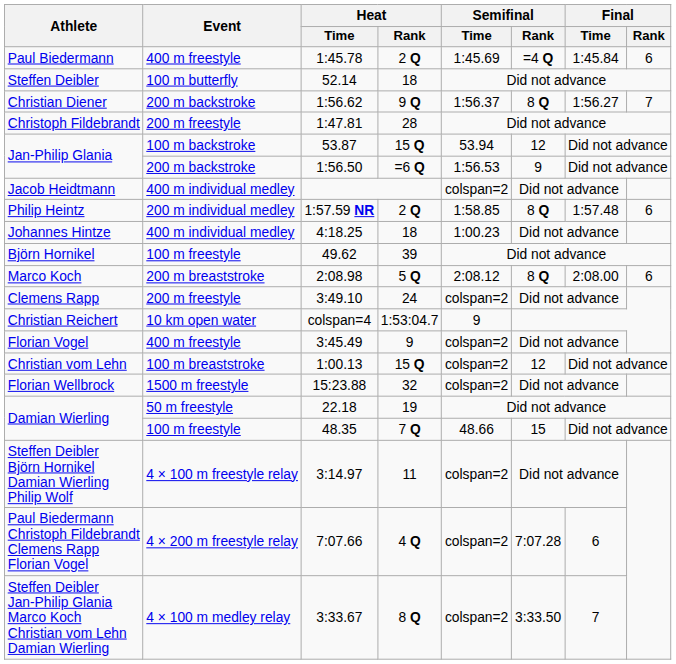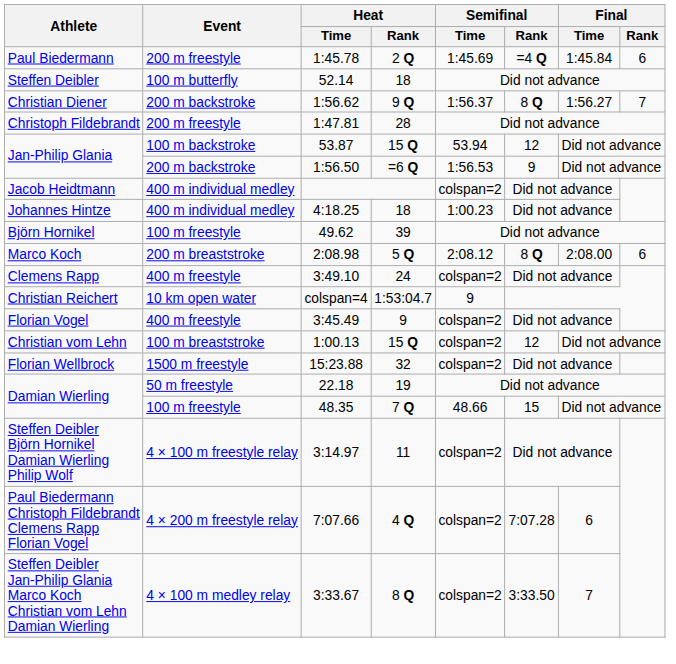 <table class=wikitable style="font-size:90%">
 <tr>
 <th rowspan="2">Athlete</th>
 <th rowspan="2">Event</th>
 <th colspan="2">Heat</th>
 <th colspan="2">Semifinal</th>
 <th colspan="2">Final</th>
 </tr>
 <tr style="font-size:95%">
 <th>Time</th>
 <th>Rank</th>
 <th>Time</th>
 <th>Rank</th>
 <th>Time</th>
 <th>Rank</th>
 </tr>
 <tr align=center>
 <td align=left><a href='#'>Paul Biedermann</a></td>
-<td align=left><a href='#'>400 m freestyle</a></td>
+<td align=left><a href='#'>200 m freestyle</a></td>
 <td>1:45.78</td>
 <td>2 <strong>Q</strong></td>
 <td>1:45.69</td>
 <td>=4 <strong>Q</strong></td>
 <td>1:45.84</td>
 <td>6</td>
 </tr>
 <tr align=center>
 <td align=left><a href='#'>Steffen Deibler</a></td>
 <td align=left><a href='#'>100 m butterfly</a></td>
 <td>52.14</td>
 <td>18</td>
 <td colspan=4>Did not advance</td>
 </tr>
 <tr align=center>
 <td align=left><a href='#'>Christian Diener</a></td>
 <td align=left><a href='#'>200 m backstroke</a></td>
 <td>1:56.62</td>
 <td>9 <strong>Q</strong></td>
 <td>1:56.37</td>
 <td>8 <strong>Q</strong></td>
 <td>1:56.27</td>
 <td>7</td>
 </tr>
 <tr align=center>
 <td align=left><a href='#'>Christoph Fildebrandt</a></td>
 <td align=left><a href='#'>200 m freestyle</a></td>
 <td>1:47.81</td>
 <td>28</td>
 <td colspan=4>Did not advance</td>
 </tr>
 <tr align=center>
 <td align=left rowspan=2><a href='#'>Jan-Philip Glania</a></td>
 <td align=left><a href='#'>100 m backstroke</a></td>
 <td>53.87</td>
 <td>15 <strong>Q</strong></td>
 <td>53.94</td>
 <td>12</td>
 <td colspan=2>Did not advance</td>
 </tr>
 <tr align=center>
 <td align=left><a href='#'>200 m backstroke</a></td>
 <td>1:56.50</td>
 <td>=6 <strong>Q</strong></td>
 <td>1:56.53</td>
 <td>9</td>
 <td colspan=2>Did not advance</td>
 </tr>
 <tr align=center>
 <td align=left><a href='#'>Jacob Heidtmann</a></td>
 <td align=left><a href='#'>400 m individual medley</a></td>
 <td colspan=2></td>
 <td>colspan=2 </td>
 <td colspan=2>Did not advance</td>
 </tr>
 <tr align=center>
-<td align=left><a href='#'>Philip Heintz</a></td>
-<td align=left><a href='#'>200 m individual medley</a></td>
-<td>1:57.59 <strong><a href='#'>NR</a></strong></td>
-<td>2 <strong>Q</strong></td>
-<td>1:58.85</td>
-<td>8 <strong>Q</strong></td>
-<td>1:57.48</td>
-<td>6</td>
-</tr>
-<tr align=center>
 <td align=left><a href='#'>Johannes Hintze</a></td>
 <td align=left><a href='#'>400 m individual medley</a></td>
 <td>4:18.25</td>
 <td>18</td>
 <td>1:00.23</td>
 <td colspan=2>Did not advance</td>
 </tr>
 <tr align=center>
 <td align=left><a href='#'>Björn Hornikel</a></td>
 <td align=left><a href='#'>100 m freestyle</a></td>
 <td>49.62</td>
 <td>39</td>
 <td colspan=4>Did not advance</td>
 </tr>
 <tr align=center>
 <td align=left><a href='#'>Marco Koch</a></td>
 <td align=left><a href='#'>200 m breaststroke</a></td>
 <td>2:08.98</td>
 <td>5 <strong>Q</strong></td>
 <td>2:08.12</td>
 <td>8 <strong>Q</strong></td>
 <td>2:08.00</td>
 <td>6</td>
 </tr>
 <tr align=center>
 <td align=left><a href='#'>Clemens Rapp</a></td>
-<td align=left><a href='#'>200 m freestyle</a></td>
+<td align=left><a href='#'>400 m freestyle</a></td>
 <td>3:49.10</td>
 <td>24</td>
 <td>colspan=2 </td>
 <td colspan=2>Did not advance</td>
 </tr>
 <tr align=center>
 <td align=left><a href='#'>Christian Reichert</a></td>
 <td align=left><a href='#'>10 km open water</a></td>
 <td>colspan=4 </td>
 <td>1:53:04.7</td>
 <td>9</td>
 </tr>
 <tr align=center>
 <td align=left><a href='#'>Florian Vogel</a></td>
 <td align=left><a href='#'>400 m freestyle</a></td>
 <td>3:45.49</td>
 <td>9</td>
 <td>colspan=2 </td>
 <td colspan=2>Did not advance</td>
 </tr>
 <tr align=center>
 <td align=left><a href='#'>Christian vom Lehn</a></td>
 <td align=left><a href='#'>100 m breaststroke</a></td>
 <td>1:00.13</td>
 <td>15 <strong>Q</strong></td>
 <td>colspan=2 </td>
 <td>12</td>
 <td colspan=2>Did not advance</td>
 </tr>
 <tr align=center>
 <td align=left><a href='#'>Florian Wellbrock</a></td>
 <td align=left><a href='#'>1500 m freestyle</a></td>
 <td>15:23.88</td>
 <td>32</td>
 <td>colspan=2 </td>
 <td colspan=2>Did not advance</td>
 </tr>
 <tr align=center>
 <td align=left rowspan=2><a href='#'>Damian Wierling</a></td>
 <td align=left><a href='#'>50 m freestyle</a></td>
 <td>22.18</td>
 <td>19</td>
 <td colspan=4>Did not advance</td>
 </tr>
 <tr align=center>
 <td align=left><a href='#'>100 m freestyle</a></td>
 <td>48.35</td>
 <td>7 <strong>Q</strong></td>
 <td>48.66</td>
 <td>15</td>
 <td colspan=2>Did not advance</td>
 </tr>
 <tr align=center>
 <td align=left><a href='#'>Steffen Deibler</a><br><a href='#'>Björn Hornikel</a><br><a href='#'>Damian Wierling</a><br><a href='#'>Philip Wolf</a></td>
 <td align=left><a href='#'>4 × 100 m freestyle relay</a></td>
 <td>3:14.97</td>
 <td>11</td>
 <td>colspan=2 </td>
 <td colspan=2>Did not advance</td>
 </tr>
 <tr align=center>
 <td align=left><a href='#'>Paul Biedermann</a><br><a href='#'>Christoph Fildebrandt</a><br><a href='#'>Clemens Rapp</a><br><a href='#'>Florian Vogel</a></td>
 <td align=left><a href='#'>4 × 200 m freestyle relay</a></td>
 <td>7:07.66</td>
 <td>4 <strong>Q</strong></td>
 <td>colspan=2 </td>
 <td>7:07.28</td>
 <td>6</td>
 </tr>
 <tr align=center>
 <td align=left><a href='#'>Steffen Deibler</a><br><a href='#'>Jan-Philip Glania</a><br><a href='#'>Marco Koch</a><br><a href='#'>Christian vom Lehn</a><br><a href='#'>Damian Wierling</a></td>
 <td align=left><a href='#'>4 × 100 m medley relay</a></td>
 <td>3:33.67</td>
 <td>8 <strong>Q</strong></td>
 <td>colspan=2 </td>
 <td>3:33.50</td>
 <td>7</td>
 </tr>
 </table>
